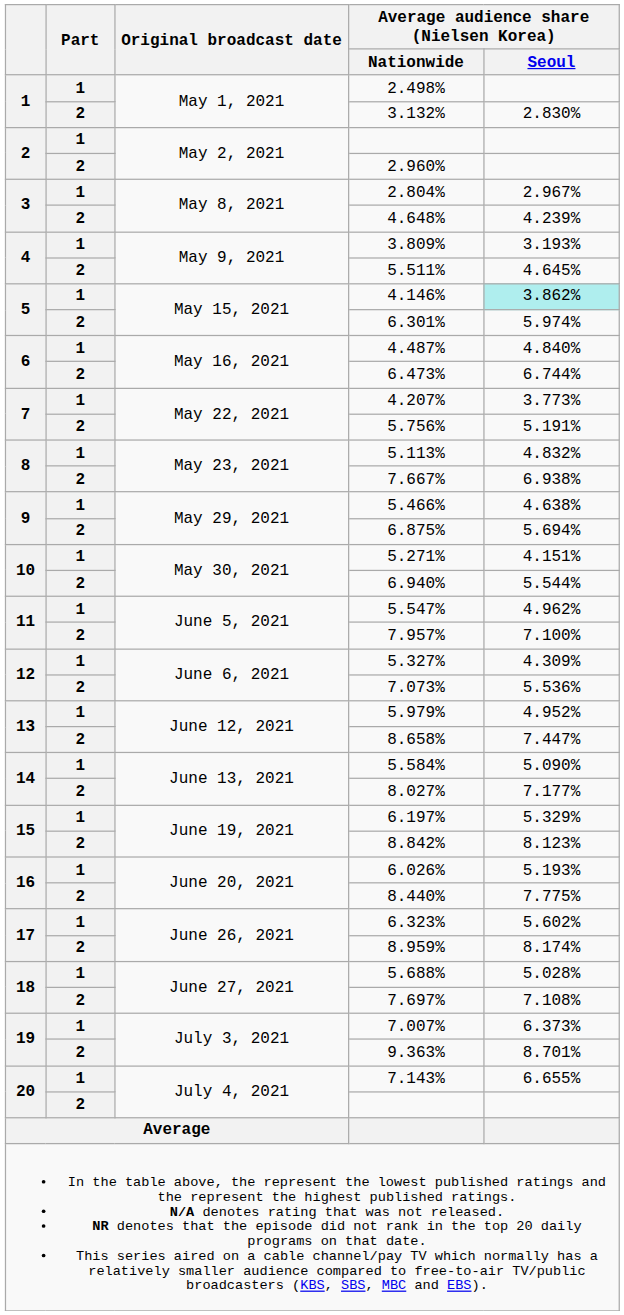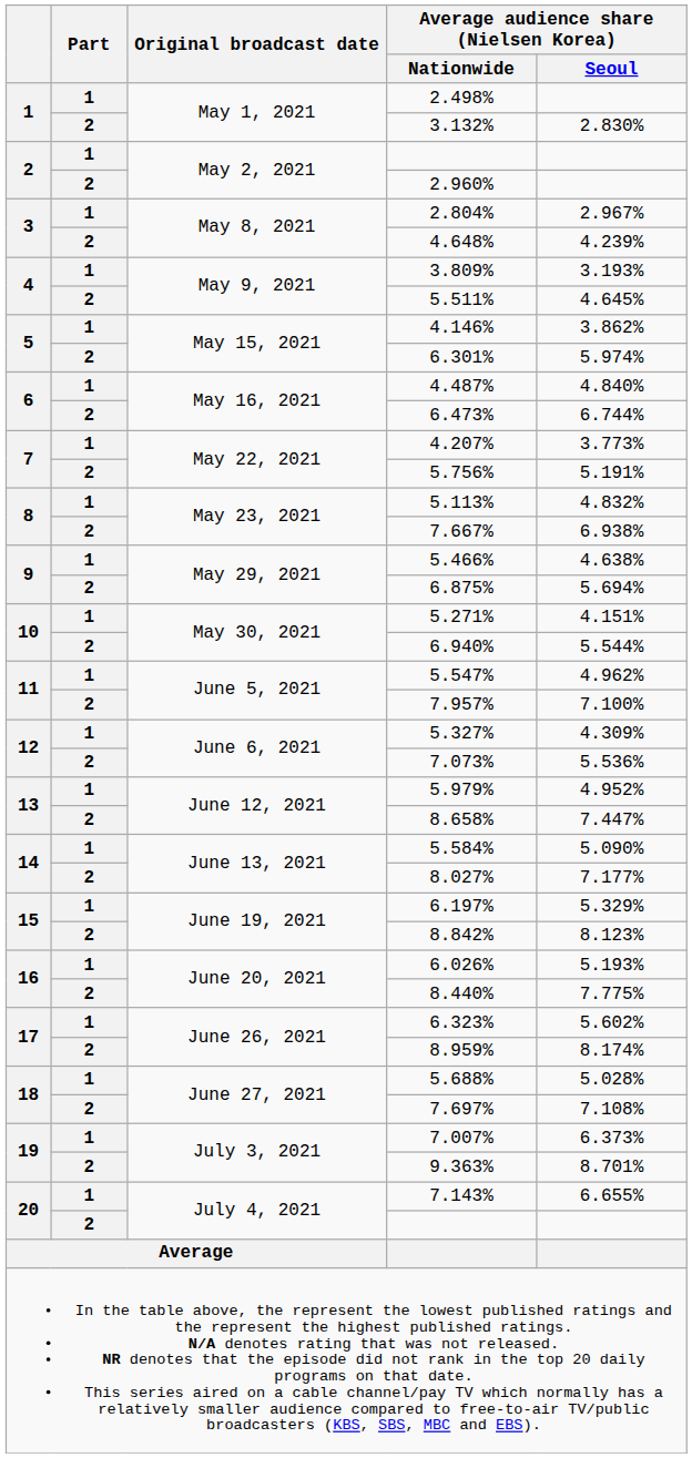 <table class="wikitable" style="text-align:center; max-width:500px; margin-left: auto; margin-right: auto; border: none">
 <tr>
 <th scope="col" rowspan="2"></th>
 <th scope="col" rowspan="2">Part</th>
 <th scope="col" rowspan="2">Original broadcast date</th>
 <th scope="col" colspan="2">Average audience share<br>(Nielsen Korea)</th>
 </tr>
 <tr>
 <th scope="col" style="width:8em">Nationwide</th>
 <th scope="col" style="width:8em"><a href='#'>Seoul</a></th>
 </tr>
 <tr>
 <th scope="col" rowspan="2">1</th>
 <th scope="col">1</th>
 <td rowspan="2">May 1, 2021</td>
 <td>2.498% </td>
 <td></td>
 </tr>
 <tr>
 <th scope="col">2</th>
 <td>3.132% </td>
 <td>2.830% </td>
 </tr>
 <tr>
 <th scope="col" rowspan="2">2</th>
 <th scope="col">1</th>
 <td rowspan="2">May 2, 2021</td>
 <td><strong></strong> </td>
 <td></td>
 </tr>
 <tr>
 <th scope="col">2</th>
 <td>2.960% </td>
 <td><strong></strong> </td>
 </tr>
 <tr>
 <th scope="col" rowspan="2">3</th>
 <th scope="col">1</th>
 <td rowspan="2">May 8, 2021</td>
 <td>2.804% </td>
 <td>2.967% </td>
 </tr>
 <tr>
 <th scope="col">2</th>
 <td>4.648% </td>
 <td>4.239% </td>
 </tr>
 <tr>
 <th scope="col" rowspan="2">4</th>
 <th scope="col">1</th>
 <td rowspan="2">May 9, 2021</td>
 <td>3.809% </td>
 <td>3.193% </td>
 </tr>
 <tr>
 <th scope="col">2</th>
 <td>5.511% </td>
 <td>4.645% </td>
 </tr>
 <tr>
 <th scope="col" rowspan="2">5</th>
 <th scope="col">1</th>
 <td rowspan="2">May 15, 2021</td>
 <td>4.146% </td>
-<td style="background: paleturquoise;">3.862% </td>
+<td>3.862% </td>
 </tr>
 <tr>
 <th scope="col">2</th>
 <td>6.301% </td>
 <td>5.974% </td>
 </tr>
 <tr>
 <th scope="col" rowspan="2">6</th>
 <th scope="col">1</th>
 <td rowspan="2">May 16, 2021</td>
 <td>4.487% </td>
 <td>4.840% </td>
 </tr>
 <tr>
 <th scope="col">2</th>
 <td>6.473% </td>
 <td>6.744% </td>
 </tr>
 <tr>
 <th scope="col" rowspan="2">7</th>
 <th scope="col">1</th>
 <td rowspan="2">May 22, 2021</td>
 <td>4.207% </td>
 <td>3.773% </td>
 </tr>
 <tr>
 <th scope="col">2</th>
 <td>5.756% </td>
 <td>5.191% </td>
 </tr>
 <tr>
 <th scope="col" rowspan="2">8</th>
 <th scope="col">1</th>
 <td rowspan="2">May 23, 2021</td>
 <td>5.113% </td>
 <td>4.832% </td>
 </tr>
 <tr>
 <th scope="col">2</th>
 <td>7.667% </td>
 <td>6.938% </td>
 </tr>
 <tr>
 <th scope="col" rowspan="2">9</th>
 <th scope="col">1</th>
 <td rowspan="2">May 29, 2021</td>
 <td>5.466% </td>
 <td>4.638% </td>
 </tr>
 <tr>
 <th scope="col">2</th>
 <td>6.875% </td>
 <td>5.694% </td>
 </tr>
 <tr>
 <th scope="col" rowspan="2">10</th>
 <th scope="col">1</th>
 <td rowspan="2">May 30, 2021</td>
 <td>5.271% </td>
 <td>4.151% </td>
 </tr>
 <tr>
 <th scope="col">2</th>
 <td>6.940% </td>
 <td>5.544% </td>
 </tr>
 <tr>
 <th scope="col" rowspan="2">11</th>
 <th scope="col">1</th>
 <td rowspan="2">June 5, 2021</td>
 <td>5.547% </td>
 <td>4.962% </td>
 </tr>
 <tr>
 <th scope="col">2</th>
 <td>7.957% </td>
 <td>7.100% </td>
 </tr>
 <tr>
 <th scope="col" rowspan="2">12</th>
 <th scope="col">1</th>
 <td rowspan="2">June 6, 2021</td>
 <td>5.327% </td>
 <td>4.309% </td>
 </tr>
 <tr>
 <th scope="col">2</th>
 <td>7.073% </td>
 <td>5.536% </td>
 </tr>
 <tr>
 <th scope="col" rowspan="2">13</th>
 <th scope="col">1</th>
 <td rowspan="2">June 12, 2021</td>
 <td>5.979% </td>
 <td>4.952% </td>
 </tr>
 <tr>
 <th scope="col">2</th>
 <td>8.658% </td>
 <td>7.447% </td>
 </tr>
 <tr>
 <th scope="col" rowspan="2">14</th>
 <th scope="col">1</th>
 <td rowspan="2">June 13, 2021</td>
 <td>5.584% </td>
 <td>5.090% </td>
 </tr>
 <tr>
 <th scope="col">2</th>
 <td>8.027% </td>
 <td>7.177% </td>
 </tr>
 <tr>
 <th scope="col" rowspan="2">15</th>
 <th scope="col">1</th>
 <td rowspan="2">June 19, 2021</td>
 <td>6.197% </td>
 <td>5.329% </td>
 </tr>
 <tr>
 <th scope="col">2</th>
 <td>8.842% </td>
 <td>8.123% </td>
 </tr>
 <tr>
 <th scope="col" rowspan="2">16</th>
 <th scope="col">1</th>
 <td rowspan="2">June 20, 2021</td>
 <td>6.026% </td>
 <td>5.193% </td>
 </tr>
 <tr>
 <th scope="col">2</th>
 <td>8.440% </td>
 <td>7.775% </td>
 </tr>
 <tr>
 <th scope="col" rowspan="2">17</th>
 <th scope="col">1</th>
 <td rowspan="2">June 26, 2021</td>
 <td>6.323% </td>
 <td>5.602% </td>
 </tr>
 <tr>
 <th scope="col">2</th>
 <td>8.959% </td>
 <td>8.174% </td>
 </tr>
 <tr>
 <th scope="col" rowspan="2">18</th>
 <th scope="col">1</th>
 <td rowspan="2">June 27, 2021</td>
 <td>5.688% </td>
 <td>5.028% </td>
 </tr>
 <tr>
 <th scope="col">2</th>
 <td>7.697% </td>
 <td>7.108% </td>
 </tr>
 <tr>
 <th scope="col" rowspan="2">19</th>
 <th scope="col">1</th>
 <td rowspan="2">July 3, 2021</td>
 <td>7.007% </td>
 <td>6.373% </td>
 </tr>
 <tr>
 <th scope="col">2</th>
 <td>9.363% </td>
 <td>8.701% </td>
 </tr>
 <tr>
 <th scope="col" rowspan="2">20</th>
 <th scope="col">1</th>
 <td rowspan="2">July 4, 2021</td>
 <td>7.143% </td>
 <td>6.655% </td>
 </tr>
 <tr>
 <th scope="col">2</th>
 <td><strong></strong> </td>
 <td><strong></strong> </td>
 </tr>
 <tr>
 <th scope="col" colspan="3">Average</th>
 <th scope="col"></th>
 <th><strong></strong></th>
 </tr>
 <tr>
 <td colspan="5" style="font-size:85%"><br><ul><li>In the table above, the <strong></strong> represent the lowest published ratings and the <strong></strong> represent the highest published ratings.</li><li><strong>N/A</strong> denotes rating that was not released.</li><li><strong>NR</strong> denotes that the episode did not rank in the top 20 daily programs on that date.</li><li>This series aired on a cable channel/pay TV which normally has a relatively smaller audience compared to free-to-air TV/public broadcasters (<a href='#'>KBS</a>, <a href='#'>SBS</a>, <a href='#'>MBC</a> and <a href='#'>EBS</a>).</li></ul></td>
 </tr>
 </table>
